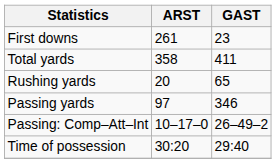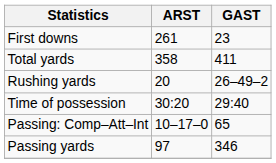 <table class="wikitable" style="float: left;">
 <tr>
 <th>Statistics</th>
 <th>ARST</th>
 <th>GAST</th>
 </tr>
 <tr>
 <td>First downs</td>
 <td>261</td>
 <td>23</td>
 </tr>
 <tr>
 <td>Total yards</td>
 <td>358</td>
 <td>411</td>
 </tr>
 <tr>
 <td>Rushing yards</td>
 <td>20</td>
+<td>26–49–2</td>
+</tr>
+<tr>
+<td>Time of possession</td>
+<td>30:20</td>
+<td>29:40</td>
+</tr>
+<tr>
+<td>Passing: Comp–Att–Int</td>
+<td>10–17–0</td>
 <td>65</td>
 </tr>
 <tr>
 <td>Passing yards</td>
 <td>97</td>
 <td>346</td>
 </tr>
 <tr>
-<td>Passing: Comp–Att–Int</td>
-<td>10–17–0</td>
-<td>26–49–2</td>
-</tr>
-<tr>
-<td>Time of possession</td>
-<td>30:20</td>
-<td>29:40</td>
-</tr>
-<tr>
 </tr>
 </table>
